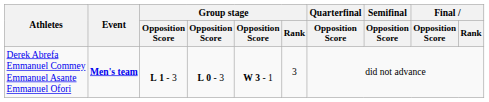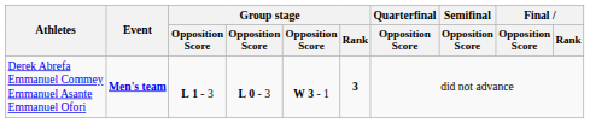 <table class=wikitable style=font-size:88%;text-align:center>
 <tr>
 <th rowspan=2>Athletes</th>
 <th rowspan=2>Event</th>
 <th colspan=4>Group stage</th>
 <th>Quarterfinal</th>
 <th>Semifinal</th>
 <th colspan=2>Final / </th>
 </tr>
 <tr style=font-size:95%>
 <th>Opposition<br>Score</th>
 <th>Opposition<br>Score</th>
 <th>Opposition<br>Score</th>
 <th>Rank</th>
 <th>Opposition<br>Score</th>
 <th>Opposition<br>Score</th>
 <th>Opposition<br>Score</th>
 <th>Rank</th>
 </tr>
 <tr>
 <td align=left><a href='#'>Derek Abrefa</a> <br> <a href='#'>Emmanuel Commey</a> <br> <a href='#'>Emmanuel Asante</a> <br><a href='#'>Emmanuel Ofori</a></td>
 <td align=left><strong><a href='#'>Men's team</a></strong></td>
 <td><br><strong>L</strong> <strong>1</strong> - 3</td>
 <td><br><strong>L</strong> <strong>0</strong> - 3</td>
 <td><br><strong>W</strong> <strong>3</strong> - 1</td>
-<td>3</td>
+<td><strong>3</strong></td>
 <td colspan=4>did not advance</td>
 </tr>
 </table>
